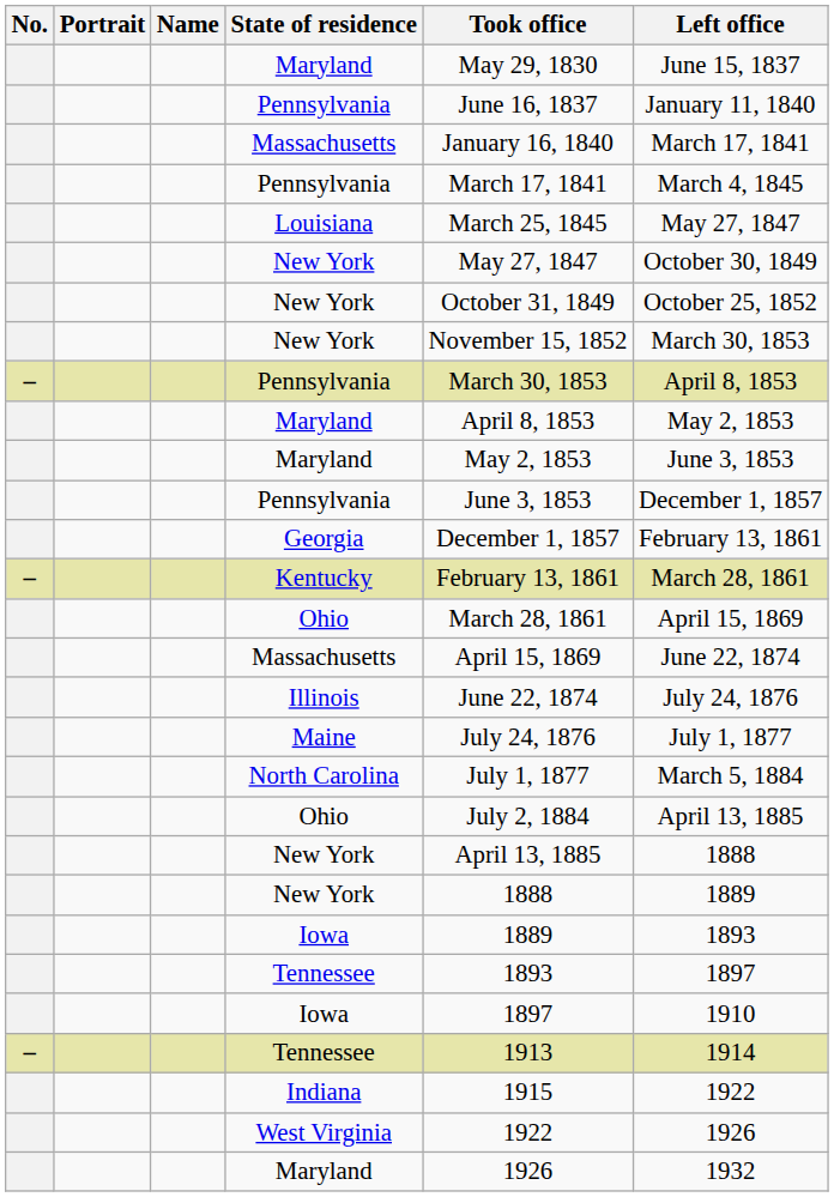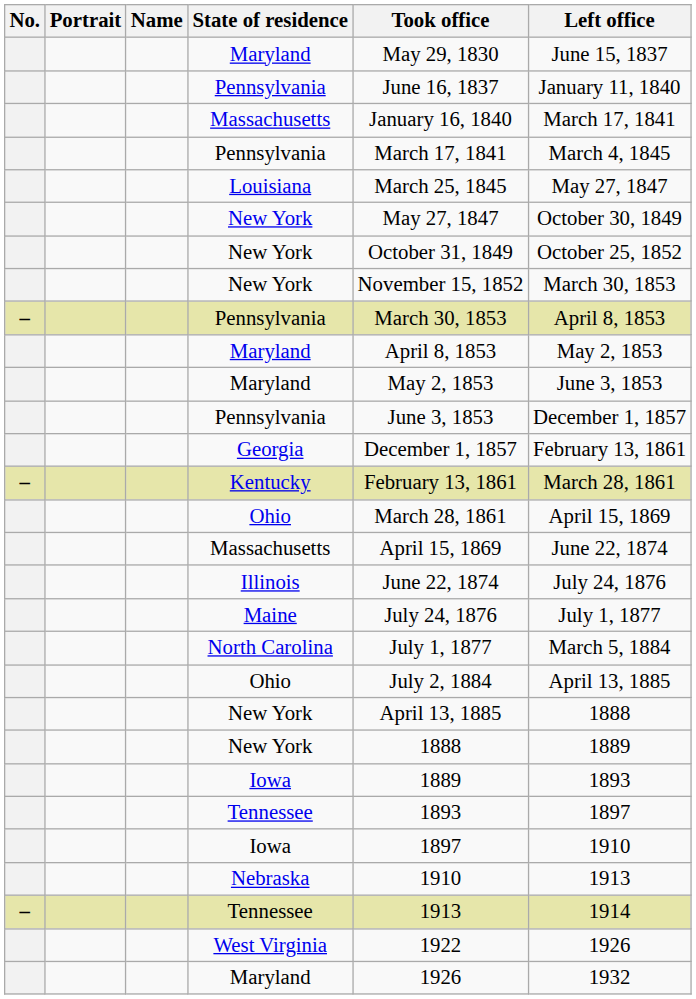 <table class="wikitable" style="text-align:center">
 <tr>
 <th>No.</th>
 <th class=unsortable>Portrait</th>
 <th>Name</th>
 <th>State of residence</th>
 <th>Took office</th>
 <th>Left office</th>
 </tr>
 <tr>
 <th style="background: "></th>
 <td></td>
 <td></td>
 <td><a href='#'>Maryland</a></td>
 <td>May 29, 1830</td>
 <td>June 15, 1837</td>
 </tr>
 <tr>
 <th style="background: "></th>
 <td></td>
 <td></td>
 <td><a href='#'>Pennsylvania</a></td>
 <td>June 16, 1837</td>
 <td>January 11, 1840</td>
 </tr>
 <tr>
 <th style="background: "></th>
 <td></td>
 <td></td>
 <td><a href='#'>Massachusetts</a></td>
 <td>January 16, 1840</td>
 <td>March 17, 1841</td>
 </tr>
 <tr>
 <th style="background: "></th>
 <td></td>
 <td></td>
 <td>Pennsylvania</td>
 <td>March 17, 1841</td>
 <td>March 4, 1845</td>
 </tr>
 <tr>
 <th style="background: "></th>
 <td></td>
 <td></td>
 <td><a href='#'>Louisiana</a></td>
 <td>March 25, 1845</td>
 <td>May 27, 1847</td>
 </tr>
 <tr>
 <th style="background: "></th>
 <td></td>
 <td></td>
 <td><a href='#'>New York</a></td>
 <td>May 27, 1847</td>
 <td>October 30, 1849</td>
 </tr>
 <tr>
 <th style="background: "></th>
 <td></td>
 <td></td>
 <td>New York</td>
 <td>October 31, 1849</td>
 <td>October 25, 1852</td>
 </tr>
 <tr>
 <th style="background: "></th>
 <td></td>
 <td></td>
 <td>New York</td>
 <td>November 15, 1852</td>
 <td>March 30, 1853</td>
 </tr>
 <tr>
 <th style="background:#E6E6AA;">–</th>
 <td bgcolor=#E6E6AA></td>
 <td bgcolor=#E6E6AA><br></td>
 <td bgcolor=#E6E6AA>Pennsylvania</td>
 <td bgcolor=#E6E6AA>March 30, 1853</td>
 <td bgcolor=#E6E6AA>April 8, 1853</td>
 </tr>
 <tr>
 <th style="background: "></th>
 <td></td>
 <td></td>
 <td><a href='#'>Maryland</a></td>
 <td>April 8, 1853</td>
 <td>May 2, 1853</td>
 </tr>
 <tr>
 <th style="background: "></th>
 <td></td>
 <td></td>
 <td>Maryland</td>
 <td>May 2, 1853</td>
 <td>June 3, 1853</td>
 </tr>
 <tr>
 <th style="background: "></th>
 <td></td>
 <td></td>
 <td>Pennsylvania</td>
 <td>June 3, 1853</td>
 <td>December 1, 1857</td>
 </tr>
 <tr>
 <th style="background: "></th>
 <td></td>
 <td></td>
 <td><a href='#'>Georgia</a></td>
 <td>December 1, 1857</td>
 <td>February 13, 1861</td>
 </tr>
 <tr>
 <th style="background:#E6E6AA;">–</th>
 <td bgcolor=#E6E6AA></td>
 <td bgcolor=#E6E6AA><br></td>
 <td bgcolor=#E6E6AA><a href='#'>Kentucky</a></td>
 <td bgcolor=#E6E6AA>February 13, 1861</td>
 <td bgcolor=#E6E6AA>March 28, 1861</td>
 </tr>
 <tr>
 <th style="background: "></th>
 <td></td>
 <td></td>
 <td><a href='#'>Ohio</a></td>
 <td>March 28, 1861</td>
 <td>April 15, 1869</td>
 </tr>
 <tr>
 <th style="background: "></th>
 <td></td>
 <td></td>
 <td>Massachusetts</td>
 <td>April 15, 1869</td>
 <td>June 22, 1874</td>
 </tr>
 <tr>
 <th style="background: "></th>
 <td></td>
 <td></td>
 <td><a href='#'>Illinois</a></td>
 <td>June 22, 1874</td>
 <td>July 24, 1876</td>
 </tr>
 <tr>
 <th style="background: "></th>
 <td></td>
 <td></td>
 <td><a href='#'>Maine</a></td>
 <td>July 24, 1876</td>
 <td>July 1, 1877</td>
 </tr>
 <tr>
 <th style="background: "></th>
 <td></td>
 <td></td>
 <td><a href='#'>North Carolina</a></td>
 <td>July 1, 1877</td>
 <td>March 5, 1884</td>
 </tr>
 <tr>
 <th style="background: "></th>
 <td></td>
 <td></td>
 <td>Ohio</td>
 <td>July 2, 1884</td>
 <td>April 13, 1885</td>
 </tr>
 <tr>
 <th style="background: "></th>
 <td></td>
 <td></td>
 <td>New York</td>
 <td>April 13, 1885</td>
 <td>1888</td>
 </tr>
 <tr>
 <th style="background: "></th>
 <td></td>
 <td></td>
 <td>New York</td>
 <td>1888</td>
 <td>1889</td>
 </tr>
 <tr>
 <th style="background: "></th>
 <td></td>
 <td></td>
 <td><a href='#'>Iowa</a></td>
 <td>1889</td>
 <td>1893</td>
 </tr>
 <tr>
 <th style="background: "></th>
 <td></td>
 <td></td>
 <td><a href='#'>Tennessee</a></td>
 <td>1893</td>
 <td>1897</td>
 </tr>
 <tr>
 <th style="background: "></th>
 <td></td>
 <td></td>
 <td>Iowa</td>
 <td>1897</td>
 <td>1910</td>
 </tr>
 <tr>
+<th style="background: "></th>
+<td></td>
+<td></td>
+<td><a href='#'>Nebraska</a></td>
+<td>1910</td>
+<td>1913</td>
+</tr>
+<tr>
 <th style="background:#E6E6AA;">–</th>
 <td bgcolor=#E6E6AA></td>
 <td bgcolor=#E6E6AA><br></td>
 <td bgcolor=#E6E6AA>Tennessee</td>
 <td bgcolor=#E6E6AA>1913</td>
 <td bgcolor=#E6E6AA>1914</td>
-</tr>
-<tr>
-<th style="background: "></th>
-<td></td>
-<td></td>
-<td><a href='#'>Indiana</a></td>
-<td>1915</td>
-<td>1922</td>
 </tr>
 <tr>
 <th style="background: "></th>
 <td></td>
 <td></td>
 <td><a href='#'>West Virginia</a></td>
 <td>1922</td>
 <td>1926</td>
 </tr>
 <tr>
 <th style="background: "></th>
 <td></td>
 <td></td>
 <td>Maryland</td>
 <td>1926</td>
 <td>1932</td>
 </tr>
 </table>
